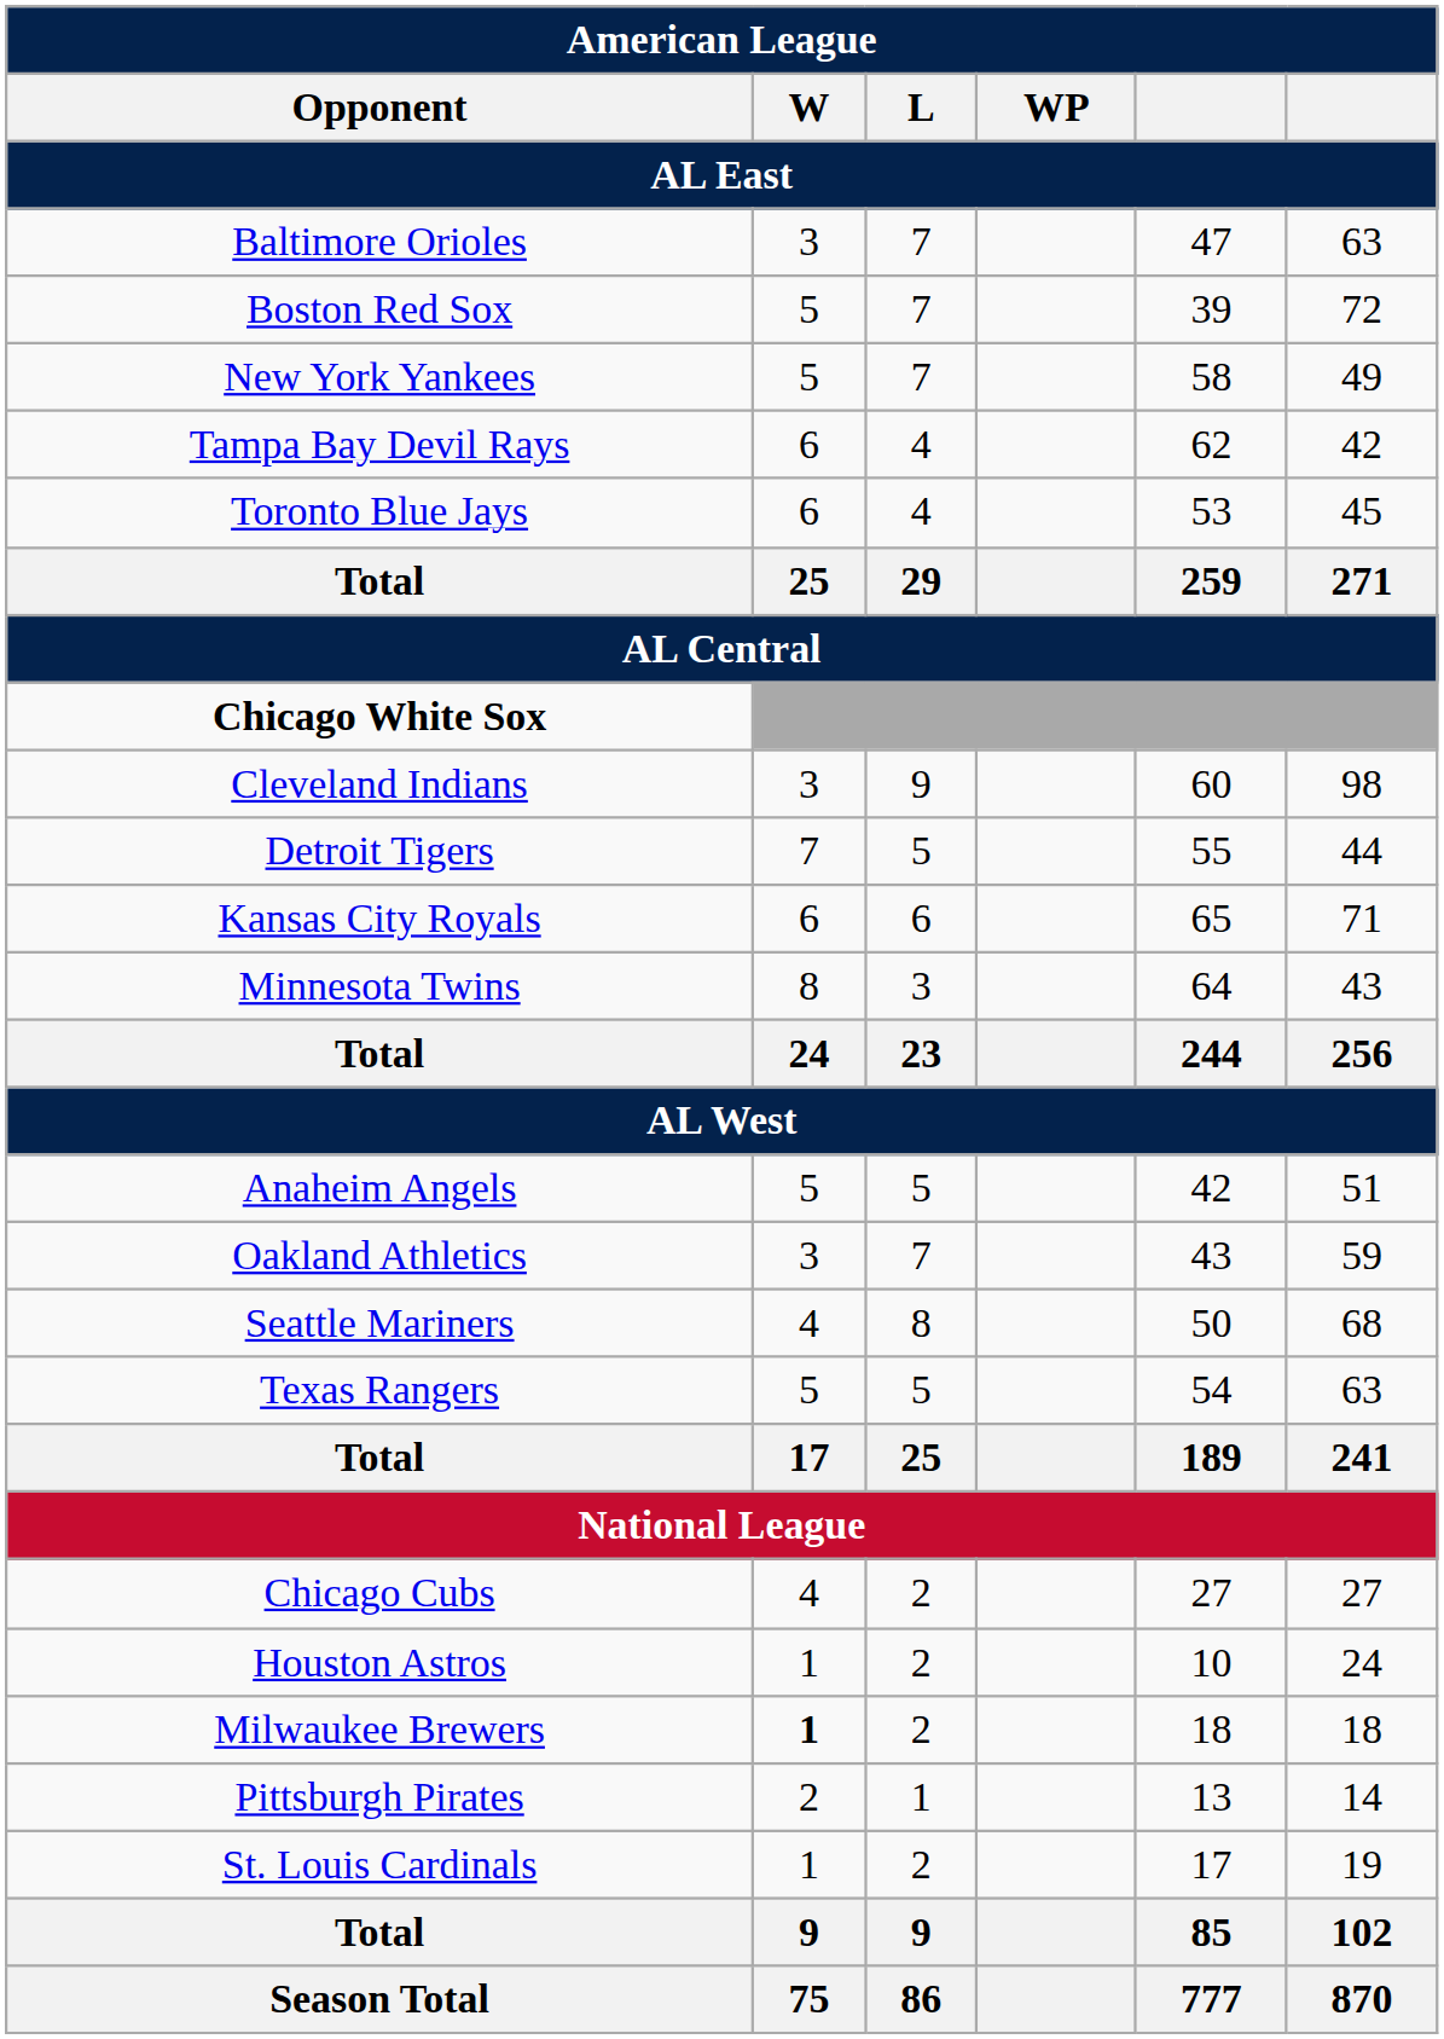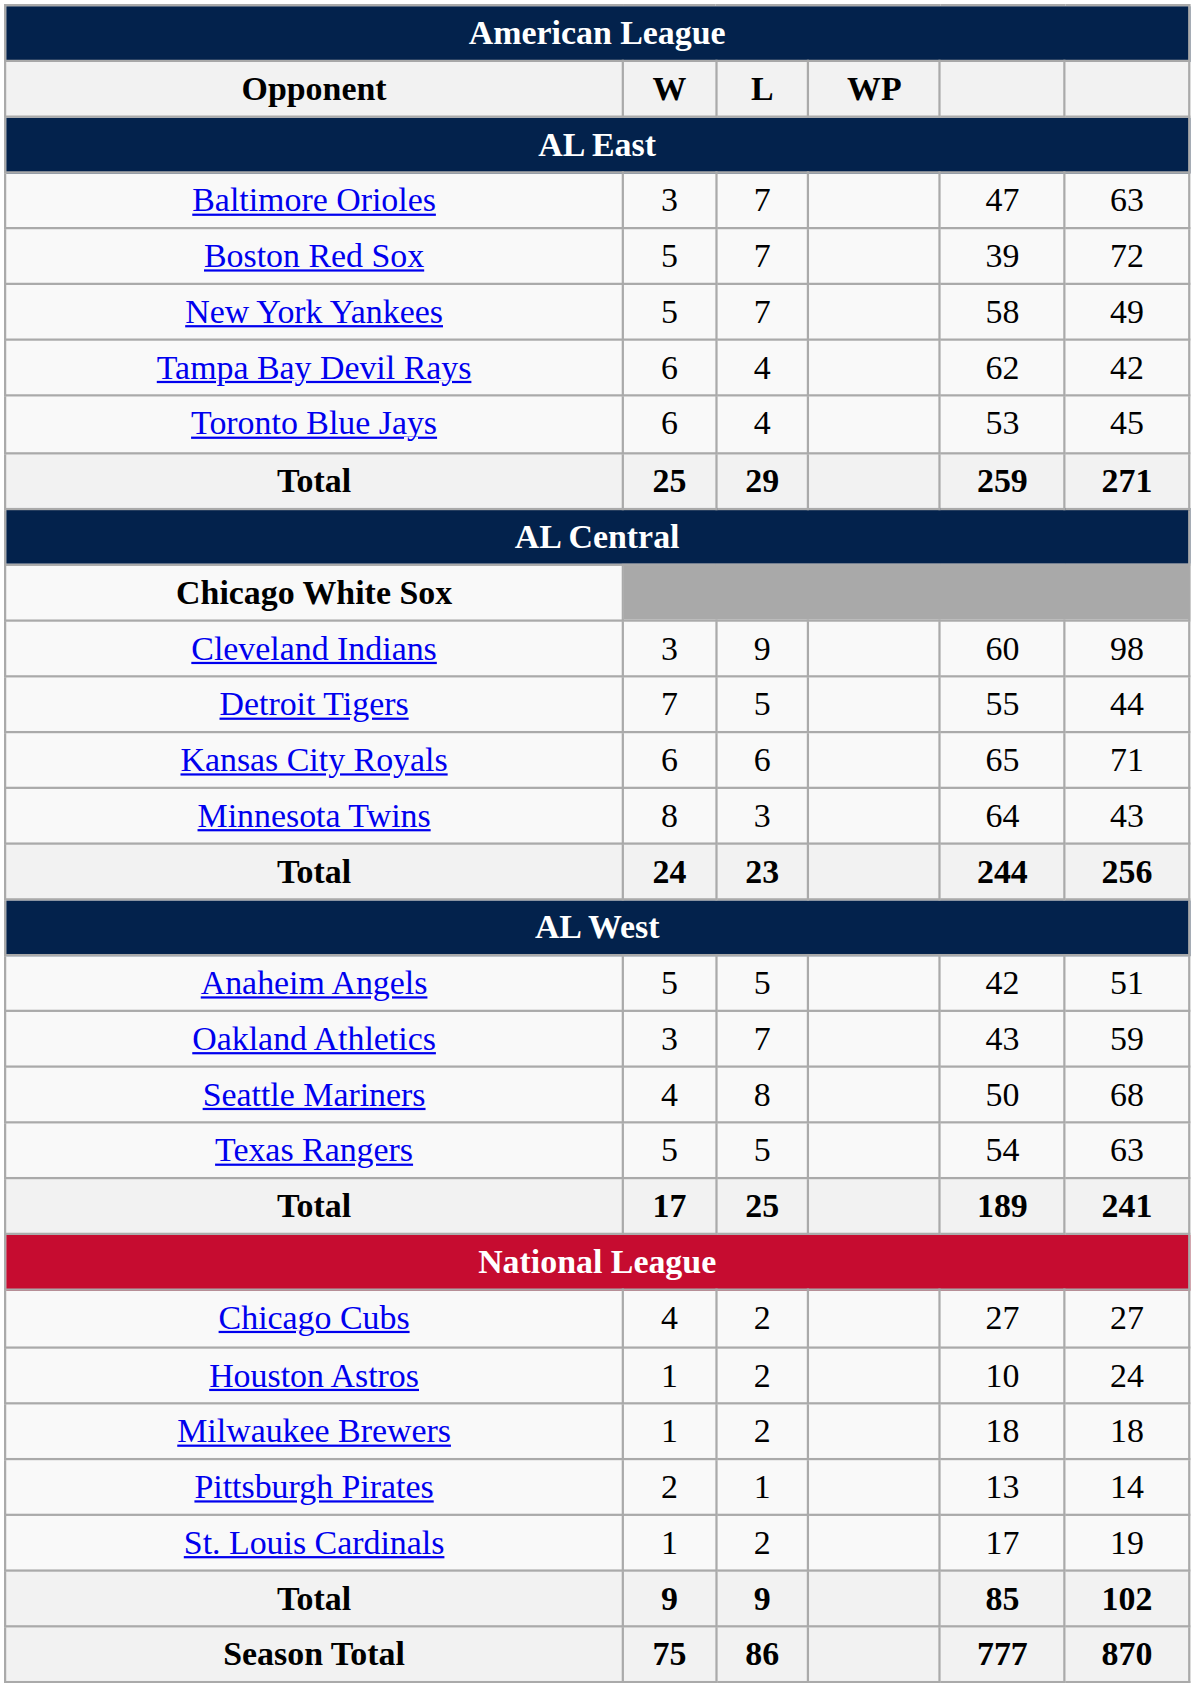 <table class="wikitable" style="font-size:95%; text-align:center; width:35em;">
 <tr>
 <th colspan="7" style="background:#03224c; color:#ffffff;">American League</th>
 </tr>
 <tr>
 <th>Opponent</th>
 <th>W</th>
 <th>L</th>
 <th>WP</th>
 <th></th>
 <th></th>
 </tr>
 <tr>
 <th colspan="7" style="background:#03224c; color:#ffffff;">AL East</th>
 </tr>
 <tr>
 <td><a href='#'>Baltimore Orioles</a></td>
 <td>3</td>
 <td>7</td>
 <td></td>
 <td>47</td>
 <td>63</td>
 </tr>
 <tr>
 <td><a href='#'>Boston Red Sox</a></td>
 <td>5</td>
 <td>7</td>
 <td></td>
 <td>39</td>
 <td>72</td>
 </tr>
 <tr>
 <td><a href='#'>New York Yankees</a></td>
 <td>5</td>
 <td>7</td>
 <td></td>
 <td>58</td>
 <td>49</td>
 </tr>
 <tr>
 <td><a href='#'>Tampa Bay Devil Rays</a></td>
 <td>6</td>
 <td>4</td>
 <td></td>
 <td>62</td>
 <td>42</td>
 </tr>
 <tr>
 <td><a href='#'>Toronto Blue Jays</a></td>
 <td>6</td>
 <td>4</td>
 <td></td>
 <td>53</td>
 <td>45</td>
 </tr>
 <tr>
 <th>Total</th>
 <th>25</th>
 <th>29</th>
 <th></th>
 <th>259</th>
 <th>271</th>
 </tr>
 <tr>
 <th colspan="7" style="background:#03224c; color:#ffffff;">AL Central</th>
 </tr>
 <tr>
 <td><strong>Chicago White Sox</strong></td>
 <td colspan=5 style="background:darkgray;"></td>
 </tr>
 <tr>
 <td><a href='#'>Cleveland Indians</a></td>
 <td>3</td>
 <td>9</td>
 <td></td>
 <td>60</td>
 <td>98</td>
 </tr>
 <tr>
 <td><a href='#'>Detroit Tigers</a></td>
 <td>7</td>
 <td>5</td>
 <td></td>
 <td>55</td>
 <td>44</td>
 </tr>
 <tr>
 <td><a href='#'>Kansas City Royals</a></td>
 <td>6</td>
 <td>6</td>
 <td></td>
 <td>65</td>
 <td>71</td>
 </tr>
 <tr>
 <td><a href='#'>Minnesota Twins</a></td>
 <td>8</td>
 <td>3</td>
 <td></td>
 <td>64</td>
 <td>43</td>
 </tr>
 <tr>
 <th>Total</th>
 <th>24</th>
 <th>23</th>
 <th></th>
 <th>244</th>
 <th>256</th>
 </tr>
 <tr>
 <th colspan="7" style="background:#03224c; color:#ffffff;">AL West</th>
 </tr>
 <tr>
 <td><a href='#'>Anaheim Angels</a></td>
 <td>5</td>
 <td>5</td>
 <td></td>
 <td>42</td>
 <td>51</td>
 </tr>
 <tr>
 <td><a href='#'>Oakland Athletics</a></td>
 <td>3</td>
 <td>7</td>
 <td></td>
 <td>43</td>
 <td>59</td>
 </tr>
 <tr>
 <td><a href='#'>Seattle Mariners</a></td>
 <td>4</td>
 <td>8</td>
 <td></td>
 <td>50</td>
 <td>68</td>
 </tr>
 <tr>
 <td><a href='#'>Texas Rangers</a></td>
 <td>5</td>
 <td>5</td>
 <td></td>
 <td>54</td>
 <td>63</td>
 </tr>
 <tr>
 <th>Total</th>
 <th>17</th>
 <th>25</th>
 <th></th>
 <th>189</th>
 <th>241</th>
 </tr>
 <tr>
 <th colspan="7" style="background:#c60c30; color:#ffffff;">National League</th>
 </tr>
 <tr>
 <td><a href='#'>Chicago Cubs</a></td>
 <td>4</td>
 <td>2</td>
 <td></td>
 <td>27</td>
 <td>27</td>
 </tr>
 <tr>
 <td><a href='#'>Houston Astros</a></td>
 <td>1</td>
 <td>2</td>
 <td></td>
 <td>10</td>
 <td>24</td>
 </tr>
 <tr>
 <td><a href='#'>Milwaukee Brewers</a></td>
-<td><strong>1</strong></td>
+<td>1</td>
 <td>2</td>
 <td></td>
 <td>18</td>
 <td>18</td>
 </tr>
 <tr>
 <td><a href='#'>Pittsburgh Pirates</a></td>
 <td>2</td>
 <td>1</td>
 <td></td>
 <td>13</td>
 <td>14</td>
 </tr>
 <tr>
 <td><a href='#'>St. Louis Cardinals</a></td>
 <td>1</td>
 <td>2</td>
 <td></td>
 <td>17</td>
 <td>19</td>
 </tr>
 <tr>
 <th>Total</th>
 <th>9</th>
 <th>9</th>
 <th></th>
 <th>85</th>
 <th>102</th>
 </tr>
 <tr>
 <th>Season Total</th>
 <th>75</th>
 <th>86</th>
 <th></th>
 <th>777</th>
 <th>870</th>
 </tr>
 </table>
